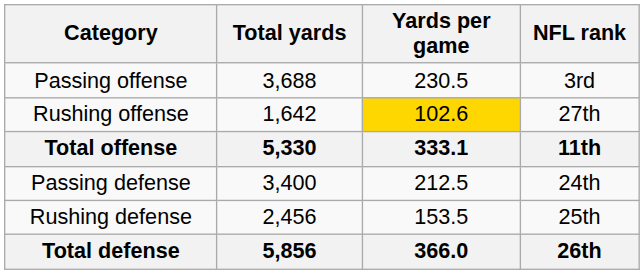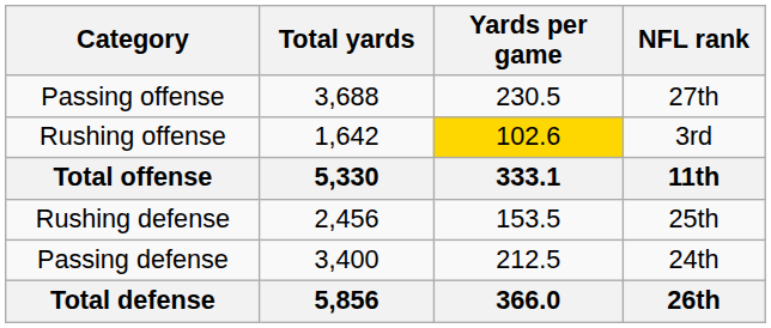 <table class="wikitable" style="text-align:center">
 <tr>
 <th width=150px>Category</th>
 <th width=100px>Total yards</th>
 <th width=110px>Yards per game</th>
 <th width=80px>NFL rank<br></th>
 </tr>
 <tr>
 <td>Passing offense</td>
 <td>3,688</td>
 <td>230.5</td>
-<td>3rd</td>
+<td>27th</td>
 </tr>
 <tr>
 <td>Rushing offense</td>
 <td>1,642</td>
 <td style="background: gold;">102.6</td>
-<td>27th</td>
+<td>3rd</td>
 </tr>
 <tr>
 <th>Total offense</th>
 <th>5,330</th>
 <th>333.1</th>
 <th>11th</th>
 </tr>
 <tr>
+<td>Rushing defense</td>
+<td>2,456</td>
+<td>153.5</td>
+<td>25th</td>
+</tr>
+<tr>
 <td>Passing defense</td>
 <td>3,400</td>
 <td>212.5</td>
 <td>24th</td>
-</tr>
-<tr>
-<td>Rushing defense</td>
-<td>2,456</td>
-<td>153.5</td>
-<td>25th</td>
 </tr>
 <tr>
 <th>Total defense</th>
 <th>5,856</th>
 <th>366.0</th>
 <th>26th</th>
 </tr>
 </table>
